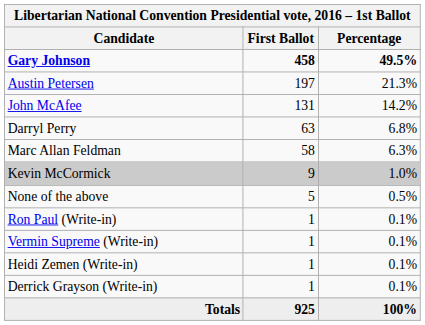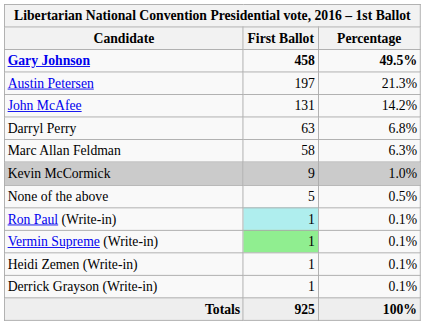 <table class="wikitable" style="font-size:95%;">
 <tr>
 <th colspan="3">Libertarian National Convention Presidential vote, 2016 – 1st Ballot</th>
 </tr>
 <tr>
 <th style="width: 17em">Candidate</th>
 <th style="width: 5em">First Ballot</th>
 <th style="width: 7em">Percentage</th>
 </tr>
 <tr>
 <td><strong><a href='#'>Gary Johnson</a></strong></td>
 <td style="text-align:right;"><strong>458</strong></td>
 <td style="text-align:right;"><strong>49.5%</strong></td>
 </tr>
 <tr>
 <td><a href='#'>Austin Petersen</a></td>
 <td style="text-align:right;">197</td>
 <td style="text-align:right;">21.3%</td>
 </tr>
 <tr>
 <td><a href='#'>John McAfee</a></td>
 <td style="text-align:right;">131</td>
 <td style="text-align:right;">14.2%</td>
 </tr>
 <tr>
 <td>Darryl Perry</td>
 <td style="text-align:right;">63</td>
 <td style="text-align:right;">6.8%</td>
 </tr>
 <tr>
 <td>Marc Allan Feldman</td>
 <td style="text-align:right;">58</td>
 <td style="text-align:right;">6.3%</td>
 </tr>
 <tr style="background:#cbcbcb">
 <td>Kevin McCormick</td>
 <td style="text-align:right;">9</td>
 <td style="text-align:right;">1.0%</td>
 </tr>
 <tr>
 <td>None of the above</td>
 <td style="text-align:right;">5</td>
 <td style="text-align:right;">0.5%</td>
 </tr>
 <tr>
 <td><a href='#'>Ron Paul</a> (Write-in)</td>
-<td style="text-align:right;">1</td>
+<td style="background: paleturquoise; text-align:right;">1</td>
 <td style="text-align:right;">0.1%</td>
 </tr>
 <tr>
 <td><a href='#'>Vermin Supreme</a> (Write-in)</td>
-<td style="text-align:right;">1</td>
+<td style="background: lightgreen; text-align:right;">1</td>
 <td style="text-align:right;">0.1%</td>
 </tr>
 <tr>
 <td>Heidi Zemen (Write-in)</td>
 <td style="text-align:right;">1</td>
 <td style="text-align:right;">0.1%</td>
 </tr>
 <tr>
 <td>Derrick Grayson (Write-in)</td>
 <td style="text-align:right;">1</td>
 <td style="text-align:right;">0.1%</td>
 </tr>
 <tr style="background:#eee; text-align:right;">
 <td><strong>Totals</strong></td>
 <td><strong>925</strong></td>
 <td><strong>100%</strong></td>
 </tr>
 </table>
